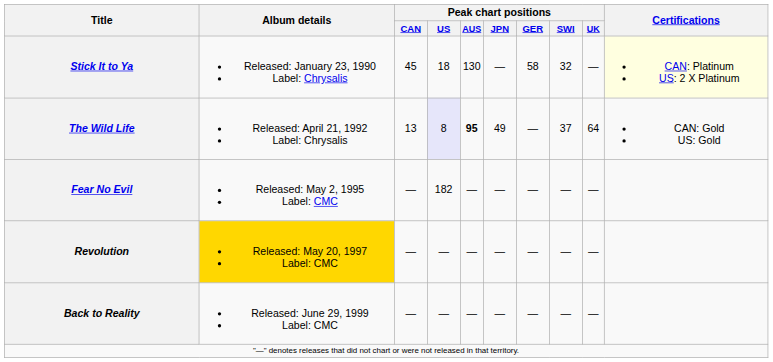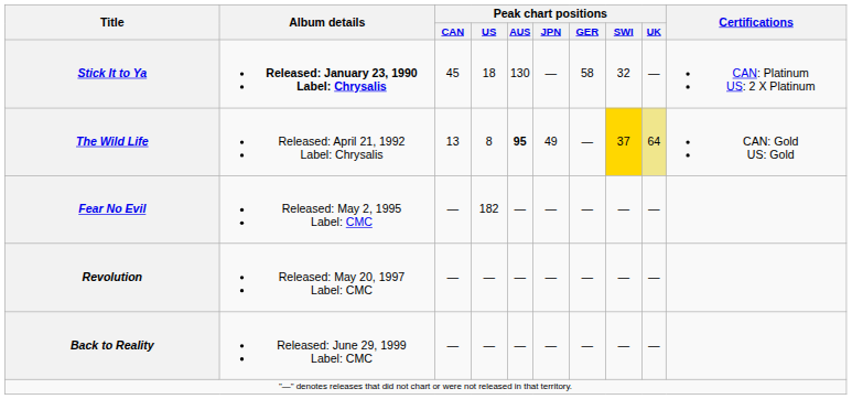 <table class="wikitable plainrowheaders" style="text-align:center;">
 <tr>
 <th scope="col" rowspan="2" style="width:18em;">Title</th>
 <th scope="col" rowspan="2" style="width:18em;">Album details</th>
 <th scope="col" colspan="7">Peak chart positions</th>
 <th rowspan="2" style="width:15em;"><a href='#'>Certifications</a></th>
 </tr>
 <tr>
 <th scope="col" style="width:3em;font-size:90%;"><a href='#'>CAN</a><br></th>
 <th scope="col" style="width:3em;font-size:90%;"><a href='#'>US</a><br></th>
 <th style="width:2em;font-size:85%"><a href='#'>AUS</a><br></th>
 <th scope="col" style="width:3em;font-size:90%;"><a href='#'>JPN</a><br></th>
 <th scope="col" style="width:3em;font-size:90%;"><a href='#'>GER</a><br></th>
 <th scope="col" style="width:3em;font-size:90%;"><a href='#'>SWI</a><br></th>
 <th style="width:2em;font-size:85%"><a href='#'>UK</a><br></th>
 </tr>
 <tr>
 <th scope="row"><em><a href='#'>Stick It to Ya</a></em></th>
-<td><br><ul><li>Released: January 23, 1990</li><li>Label: <a href='#'>Chrysalis</a></li></ul></td>
+<td><strong><br><ul><li>Released: January 23, 1990</li><li>Label: <a href='#'>Chrysalis</a></li></ul></strong></td>
 <td>45</td>
 <td>18</td>
 <td>130</td>
 <td>—</td>
 <td>58</td>
 <td>32</td>
 <td>—</td>
-<td style="background: lightyellow;"><br><ul><li><a href='#'>CAN</a>: Platinum</li><li><a href='#'>US</a>: 2 X Platinum</li></ul></td>
+<td><br><ul><li><a href='#'>CAN</a>: Platinum</li><li><a href='#'>US</a>: 2 X Platinum</li></ul></td>
 </tr>
 <tr>
 <th scope="row"><em><a href='#'>The Wild Life</a></em></th>
 <td><br><ul><li>Released: April 21, 1992</li><li>Label: Chrysalis</li></ul></td>
 <td>13</td>
-<td style="background: lavender;">8</td>
+<td>8</td>
 <td><strong>95</strong></td>
 <td>49</td>
 <td>—</td>
-<td>37</td>
-<td>64</td>
+<td style="background: gold;">37</td>
+<td style="background: khaki;">64</td>
 <td><br><ul><li>CAN: Gold</li><li>US: Gold</li></ul></td>
 </tr>
 <tr>
 <th scope="row"><em><a href='#'>Fear No Evil</a></em></th>
 <td><br><ul><li>Released: May 2, 1995</li><li>Label: <a href='#'>CMC</a></li></ul></td>
 <td>—</td>
 <td>182</td>
 <td>—</td>
 <td>—</td>
 <td>—</td>
 <td>—</td>
 <td>—</td>
 <td></td>
 </tr>
 <tr>
 <th scope="row"><em>Revolution</em></th>
-<td style="background: gold;"><br><ul><li>Released: May 20, 1997</li><li>Label: CMC</li></ul></td>
+<td><br><ul><li>Released: May 20, 1997</li><li>Label: CMC</li></ul></td>
 <td>—</td>
 <td>—</td>
 <td>—</td>
 <td>—</td>
 <td>—</td>
 <td>—</td>
 <td>—</td>
 <td></td>
 </tr>
 <tr>
 <th scope="row"><em>Back to Reality</em></th>
 <td><br><ul><li>Released: June 29, 1999</li><li>Label: CMC</li></ul></td>
 <td>—</td>
 <td>—</td>
 <td>—</td>
 <td>—</td>
 <td>—</td>
 <td>—</td>
 <td>—</td>
 <td></td>
 </tr>
 <tr>
 <td colspan="16" style="text-align:center; font-size:9pt;">"—" denotes releases that did not chart or were not released in that territory.</td>
 </tr>
 </table>
